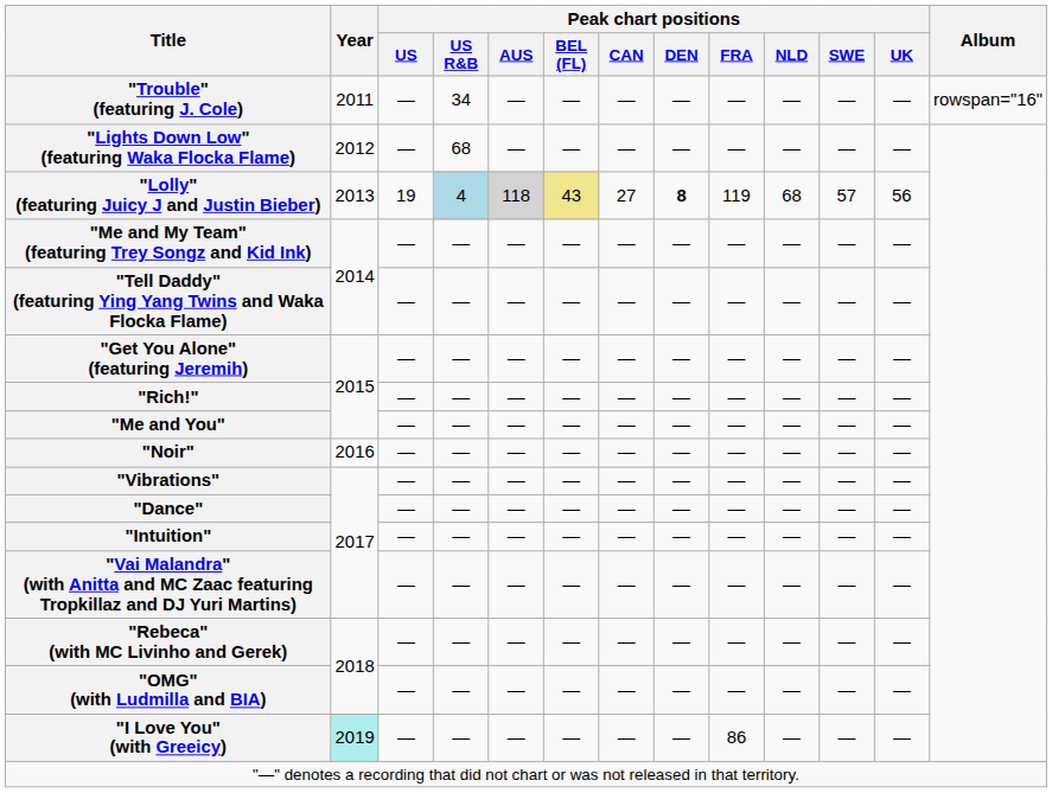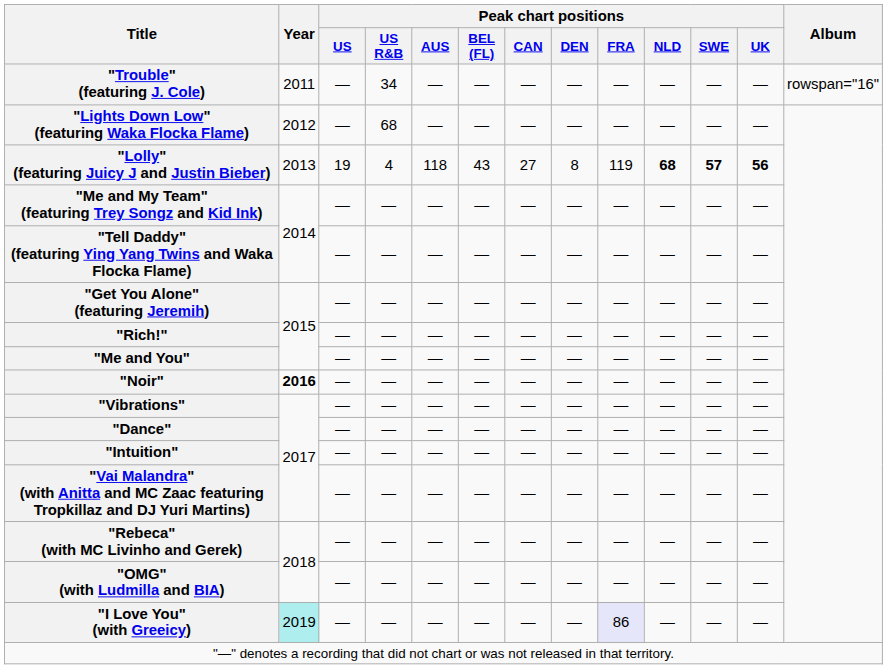 <table class="wikitable plainrowheaders" style="text-align:center;">
 <tr>
 <th scope="col" rowspan="2" style="width:18em;">Title</th>
 <th scope="col" rowspan="2">Year</th>
 <th scope="col" colspan="10">Peak chart positions</th>
 <th scope="col" rowspan="2">Album</th>
 </tr>
 <tr>
 <th scope="col" style="width:3em;font-size:90%;"><a href='#'>US</a><br></th>
 <th scope="col" style="width:3em;font-size:90%;"><a href='#'>US<br>R&B</a><br></th>
 <th scope="col" style="width:3em;font-size:90%;"><a href='#'>AUS</a><br></th>
 <th scope="col" style="width:3em;font-size:90%;"><a href='#'>BEL<br>(FL)</a><br></th>
 <th scope="col" style="width:3em;font-size:90%;"><a href='#'>CAN</a><br></th>
 <th scope="col" style="width:3em;font-size:90%;"><a href='#'>DEN</a><br></th>
 <th scope="col" style="width:3em;font-size:90%;"><a href='#'>FRA</a><br></th>
 <th scope="col" style="width:3em;font-size:90%;"><a href='#'>NLD</a><br></th>
 <th scope="col" style="width:3em;font-size:90%;"><a href='#'>SWE</a><br></th>
 <th scope="col" style="width:3em;font-size:90%;"><a href='#'>UK</a><br></th>
 </tr>
 <tr>
 <th scope="row">"<a href='#'>Trouble</a>"<br><span>(featuring <a href='#'>J. Cole</a>)</span></th>
 <td>2011</td>
 <td>—</td>
 <td>34</td>
 <td>—</td>
 <td>—</td>
 <td>—</td>
 <td>—</td>
 <td>—</td>
 <td>—</td>
 <td>—</td>
 <td>—</td>
 <td>rowspan="16" </td>
 </tr>
 <tr>
 <th scope="row">"<a href='#'>Lights Down Low</a>"<br><span>(featuring <a href='#'>Waka Flocka Flame</a>)</span></th>
 <td>2012</td>
 <td>—</td>
 <td>68</td>
 <td>—</td>
 <td>—</td>
 <td>—</td>
 <td>—</td>
 <td>—</td>
 <td>—</td>
 <td>—</td>
 <td>—</td>
 </tr>
 <tr>
 <th scope="row">"<a href='#'>Lolly</a>"<br><span>(featuring <a href='#'>Juicy J</a> and <a href='#'>Justin Bieber</a>)</span></th>
 <td>2013</td>
 <td>19</td>
-<td style="background: lightblue;">4</td>
-<td style="background: lightgrey;">118</td>
-<td style="background: khaki;">43</td>
+<td>4</td>
+<td>118</td>
+<td>43</td>
 <td>27</td>
-<td><strong>8</strong></td>
+<td>8</td>
 <td>119</td>
-<td>68</td>
-<td>57</td>
-<td>56</td>
+<td><strong>68</strong></td>
+<td><strong>57</strong></td>
+<td><strong>56</strong></td>
 </tr>
 <tr>
 <th scope="row">"Me and My Team"<br><span>(featuring <a href='#'>Trey Songz</a> and <a href='#'>Kid Ink</a>)</span></th>
 <td rowspan="2">2014</td>
 <td>—</td>
 <td>—</td>
 <td>—</td>
 <td>—</td>
 <td>—</td>
 <td>—</td>
 <td>—</td>
 <td>—</td>
 <td>—</td>
 <td>—</td>
 </tr>
 <tr>
 <th scope="row">"Tell Daddy"<br><span>(featuring <a href='#'>Ying Yang Twins</a> and Waka Flocka Flame)</span></th>
 <td>—</td>
 <td>—</td>
 <td>—</td>
 <td>—</td>
 <td>—</td>
 <td>—</td>
 <td>—</td>
 <td>—</td>
 <td>—</td>
 <td>—</td>
 </tr>
 <tr>
 <th scope="row">"Get You Alone"<br><span>(featuring <a href='#'>Jeremih</a>)</span></th>
 <td rowspan="3">2015</td>
 <td>—</td>
 <td>—</td>
 <td>—</td>
 <td>—</td>
 <td>—</td>
 <td>—</td>
 <td>—</td>
 <td>—</td>
 <td>—</td>
 <td>—</td>
 </tr>
 <tr>
 <th scope="row">"Rich!"</th>
 <td>—</td>
 <td>—</td>
 <td>—</td>
 <td>—</td>
 <td>—</td>
 <td>—</td>
 <td>—</td>
 <td>—</td>
 <td>—</td>
 <td>—</td>
 </tr>
 <tr>
 <th scope="row">"Me and You"</th>
 <td>—</td>
 <td>—</td>
 <td>—</td>
 <td>—</td>
 <td>—</td>
 <td>—</td>
 <td>—</td>
 <td>—</td>
 <td>—</td>
 <td>—</td>
 </tr>
 <tr>
 <th scope="row">"Noir"</th>
-<td>2016</td>
+<td><strong>2016</strong></td>
 <td>—</td>
 <td>—</td>
 <td>—</td>
 <td>—</td>
 <td>—</td>
 <td>—</td>
 <td>—</td>
 <td>—</td>
 <td>—</td>
 <td>—</td>
 </tr>
 <tr>
 <th scope="row">"Vibrations"</th>
 <td rowspan="4">2017</td>
 <td>—</td>
 <td>—</td>
 <td>—</td>
 <td>—</td>
 <td>—</td>
 <td>—</td>
 <td>—</td>
 <td>—</td>
 <td>—</td>
 <td>—</td>
 </tr>
 <tr>
 <th scope="row">"Dance"</th>
 <td>—</td>
 <td>—</td>
 <td>—</td>
 <td>—</td>
 <td>—</td>
 <td>—</td>
 <td>—</td>
 <td>—</td>
 <td>—</td>
 <td>—</td>
 </tr>
 <tr>
 <th scope="row">"Intuition"</th>
 <td>—</td>
 <td>—</td>
 <td>—</td>
 <td>—</td>
 <td>—</td>
 <td>—</td>
 <td>—</td>
 <td>—</td>
 <td>—</td>
 <td>—</td>
 </tr>
 <tr>
 <th scope="row">"<a href='#'>Vai Malandra</a>"<br><span>(with <a href='#'>Anitta</a> and MC Zaac featuring Tropkillaz and DJ Yuri Martins)</span></th>
 <td>—</td>
 <td>—</td>
 <td>—</td>
 <td>—</td>
 <td>—</td>
 <td>—</td>
 <td>—</td>
 <td>—</td>
 <td>—</td>
 <td>—</td>
 </tr>
 <tr>
 <th scope="row">"Rebeca"<br><span>(with MC Livinho and Gerek)</span></th>
 <td rowspan="2">2018</td>
 <td>—</td>
 <td>—</td>
 <td>—</td>
 <td>—</td>
 <td>—</td>
 <td>—</td>
 <td>—</td>
 <td>—</td>
 <td>—</td>
 <td>—</td>
 </tr>
 <tr>
 <th scope="row">"OMG"<br><span>(with <a href='#'>Ludmilla</a> and <a href='#'>BIA</a>)</span></th>
 <td>—</td>
 <td>—</td>
 <td>—</td>
 <td>—</td>
 <td>—</td>
 <td>—</td>
 <td>—</td>
 <td>—</td>
 <td>—</td>
 <td>—</td>
 </tr>
 <tr>
 <th scope="row">"I Love You"<br><span>(with <a href='#'>Greeicy</a>)</span></th>
 <td style="background: paleturquoise;">2019</td>
 <td>—</td>
 <td>—</td>
 <td>—</td>
 <td>—</td>
 <td>—</td>
 <td>—</td>
-<td>86<br></td>
+<td style="background: lavender;">86<br></td>
 <td>—</td>
 <td>—</td>
 <td>—</td>
 </tr>
 <tr>
 <td colspan="14" style="font-size:90%">"—" denotes a recording that did not chart or was not released in that territory.</td>
 </tr>
 </table>
